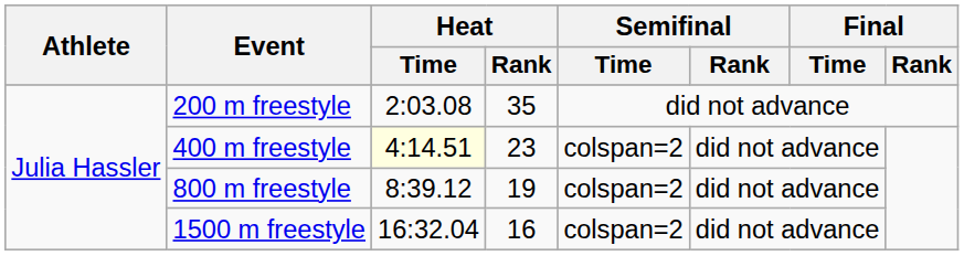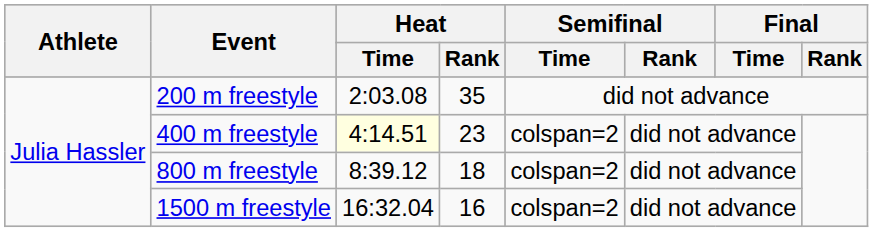 <table class=wikitable style="font-size:90%">
 <tr>
 <th rowspan="2">Athlete</th>
 <th rowspan="2">Event</th>
 <th colspan="2">Heat</th>
 <th colspan="2">Semifinal</th>
 <th colspan="2">Final</th>
 </tr>
 <tr style="font-size:95%">
 <th>Time</th>
 <th>Rank</th>
 <th>Time</th>
 <th>Rank</th>
 <th>Time</th>
 <th>Rank</th>
 </tr>
 <tr align=center>
 <td align=left rowspan=4><a href='#'>Julia Hassler</a></td>
 <td align=left><a href='#'>200 m freestyle</a></td>
 <td>2:03.08</td>
 <td>35</td>
 <td colspan=4>did not advance</td>
 </tr>
 <tr align=center>
 <td align=left><a href='#'>400 m freestyle</a></td>
 <td style="background: lightyellow;">4:14.51</td>
 <td>23</td>
 <td>colspan=2 </td>
 <td colspan=2>did not advance</td>
 </tr>
 <tr align=center>
 <td align=left><a href='#'>800 m freestyle</a></td>
 <td>8:39.12</td>
-<td>19</td>
+<td>18</td>
 <td>colspan=2 </td>
 <td colspan=2>did not advance</td>
 </tr>
 <tr align=center>
 <td align=left><a href='#'>1500 m freestyle</a></td>
 <td>16:32.04</td>
 <td>16</td>
 <td>colspan=2 </td>
 <td colspan=2>did not advance</td>
 </tr>
 </table>
